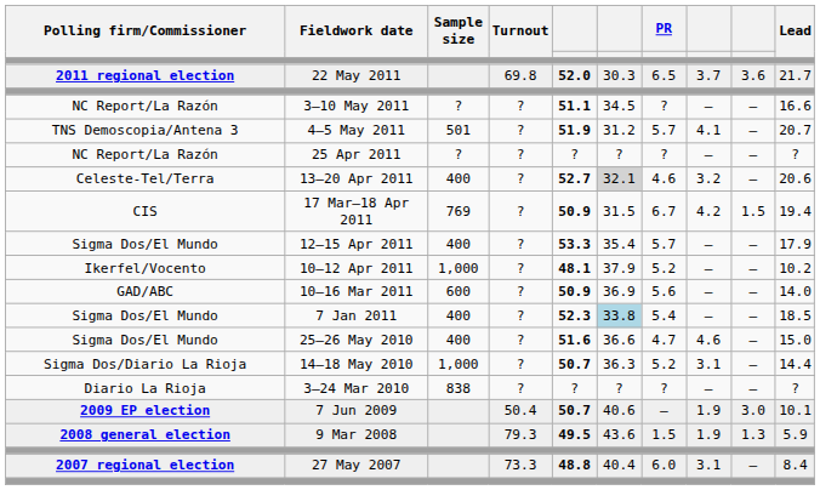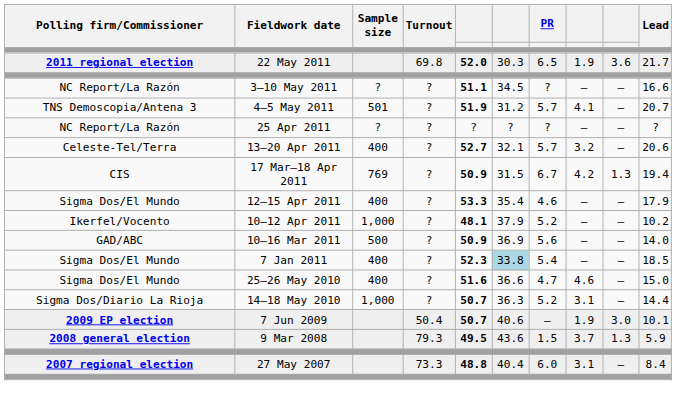 <table class="wikitable collapsible collapsed" style="text-align:center; font-size:95%; line-height:16px;">
 <tr style="height:42px;">
 <th style="width:250px;" rowspan="2">Polling firm/Commissioner</th>
 <th style="width:125px;" rowspan="2">Fieldwork date</th>
 <th style="width:50px;" rowspan="2">Sample size</th>
 <th style="width:45px;" rowspan="2">Turnout</th>
 <th style="width:35px;"></th>
 <th style="width:35px;"></th>
 <th style="width:35px;"><a href='#'>PR</a></th>
 <th style="width:35px;"></th>
 <th style="width:35px;"></th>
 <th style="width:30px;" rowspan="2">Lead</th>
 </tr>
 <tr>
 <th style="color:inherit;background:"></th>
 <th style="color:inherit;background:"></th>
 <th style="color:inherit;background:"></th>
 <th style="color:inherit;background:"></th>
 <th style="color:inherit;background:"></th>
 </tr>
 <tr>
 <td colspan="10" style="background:#A0A0A0"></td>
 </tr>
 <tr style="background:#EFEFEF;">
 <td><strong><a href='#'>2011 regional election</a></strong></td>
 <td>22 May 2011</td>
 <td></td>
 <td>69.8</td>
 <td><strong>52.0</strong><br></td>
 <td>30.3<br></td>
 <td>6.5<br></td>
-<td>3.7<br></td>
+<td>1.9<br></td>
 <td>3.6<br></td>
 <td style="background:">21.7</td>
 </tr>
 <tr>
 <td colspan="10" style="background:#A0A0A0"></td>
 </tr>
 <tr>
 <td>NC Report/La Razón</td>
 <td>3–10 May 2011</td>
 <td>?</td>
 <td>?</td>
 <td><strong>51.1</strong><br></td>
 <td>34.5<br></td>
 <td>?<br></td>
 <td>–</td>
 <td>–</td>
 <td style="background:">16.6</td>
 </tr>
 <tr>
 <td>TNS Demoscopia/Antena 3</td>
 <td>4–5 May 2011</td>
 <td>501</td>
 <td>?</td>
 <td><strong>51.9</strong><br></td>
 <td>31.2<br></td>
 <td>5.7<br></td>
 <td>4.1<br></td>
 <td>–</td>
 <td style="background:">20.7</td>
 </tr>
 <tr>
 <td>NC Report/La Razón</td>
 <td>25 Apr 2011</td>
 <td>?</td>
 <td>?</td>
 <td>?<br></td>
 <td>?<br></td>
 <td>?<br></td>
 <td>–</td>
 <td>–</td>
 <td style="background:">?</td>
 </tr>
 <tr>
 <td>Celeste-Tel/Terra</td>
 <td>13–20 Apr 2011</td>
 <td>400</td>
 <td>?</td>
 <td><strong>52.7</strong><br></td>
-<td style="background: lightgrey;">32.1<br></td>
-<td>4.6<br></td>
+<td>32.1<br></td>
+<td>5.7<br></td>
 <td>3.2<br></td>
 <td>–</td>
 <td style="background:">20.6</td>
 </tr>
 <tr>
 <td>CIS</td>
 <td>17 Mar–18 Apr 2011</td>
 <td>769</td>
 <td>?</td>
 <td><strong>50.9</strong><br></td>
 <td>31.5<br></td>
 <td>6.7<br></td>
 <td>4.2<br></td>
-<td>1.5<br></td>
+<td>1.3<br></td>
 <td style="background:">19.4</td>
 </tr>
 <tr>
 <td>Sigma Dos/El Mundo</td>
 <td>12–15 Apr 2011</td>
 <td>400</td>
 <td>?</td>
 <td><strong>53.3</strong><br></td>
 <td>35.4<br></td>
-<td>5.7<br></td>
+<td>4.6<br></td>
 <td>–</td>
 <td>–</td>
 <td style="background:">17.9</td>
 </tr>
 <tr>
 <td>Ikerfel/Vocento</td>
 <td>10–12 Apr 2011</td>
 <td>1,000</td>
 <td>?</td>
 <td><strong>48.1</strong><br></td>
 <td>37.9<br></td>
 <td>5.2<br></td>
 <td>–</td>
 <td>–</td>
 <td style="background:">10.2</td>
 </tr>
 <tr>
 <td>GAD/ABC</td>
 <td>10–16 Mar 2011</td>
-<td>600</td>
+<td>500</td>
 <td>?</td>
 <td><strong>50.9</strong><br></td>
 <td>36.9<br></td>
 <td>5.6<br></td>
 <td>–</td>
 <td>–</td>
 <td style="background:">14.0</td>
 </tr>
 <tr>
 <td>Sigma Dos/El Mundo</td>
 <td>7 Jan 2011</td>
 <td>400</td>
 <td>?</td>
 <td><strong>52.3</strong><br></td>
 <td style="background: lightblue;">33.8<br></td>
 <td>5.4<br></td>
 <td>–</td>
 <td>–</td>
 <td style="background:">18.5</td>
 </tr>
 <tr>
 <td>Sigma Dos/El Mundo</td>
 <td>25–26 May 2010</td>
 <td>400</td>
 <td>?</td>
 <td><strong>51.6</strong><br></td>
 <td>36.6<br></td>
 <td>4.7<br></td>
 <td>4.6<br></td>
 <td>–</td>
 <td style="background:">15.0</td>
 </tr>
 <tr>
 <td>Sigma Dos/Diario La Rioja</td>
 <td>14–18 May 2010</td>
 <td>1,000</td>
 <td>?</td>
 <td><strong>50.7</strong><br></td>
 <td>36.3<br></td>
 <td>5.2<br></td>
 <td>3.1<br></td>
 <td>–</td>
 <td style="background:">14.4</td>
 </tr>
-<tr>
-<td>Diario La Rioja</td>
-<td>3–24 Mar 2010</td>
-<td>838</td>
-<td>?</td>
-<td>?<br></td>
-<td>?<br></td>
-<td>?<br></td>
-<td>–</td>
-<td>–</td>
-<td style="background:">?</td>
-</tr>
 <tr style="background:#EFEFEF;">
 <td><strong><a href='#'>2009 EP election</a></strong></td>
 <td>7 Jun 2009</td>
 <td></td>
 <td>50.4</td>
 <td><strong>50.7</strong><br></td>
 <td>40.6<br></td>
 <td>–</td>
 <td>1.9<br></td>
 <td>3.0<br></td>
 <td style="background:">10.1</td>
 </tr>
 <tr style="background:#EFEFEF;">
 <td><strong><a href='#'>2008 general election</a></strong></td>
 <td>9 Mar 2008</td>
 <td></td>
 <td>79.3</td>
 <td><strong>49.5</strong><br></td>
 <td>43.6<br></td>
 <td>1.5<br></td>
-<td>1.9<br></td>
+<td>3.7<br></td>
 <td>1.3<br></td>
 <td style="background:">5.9</td>
 </tr>
 <tr>
 <td colspan="10" style="background:#A0A0A0"></td>
 </tr>
 <tr style="background:#EFEFEF;">
 <td><strong><a href='#'>2007 regional election</a></strong></td>
 <td>27 May 2007</td>
 <td></td>
 <td>73.3</td>
 <td><strong>48.8</strong><br></td>
 <td>40.4<br></td>
 <td>6.0<br></td>
 <td>3.1<br></td>
 <td>–</td>
 <td style="background:">8.4</td>
 </tr>
 <tr>
 <td colspan="10" style="background:#A0A0A0"></td>
 </tr>
 </table>
